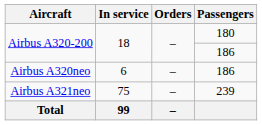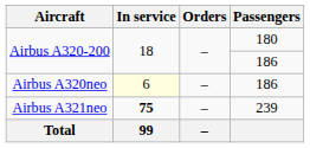 <table class="wikitable" style="border-collapse:collapse;margin:auto;text-align:center">
 <tr>
 <th>Aircraft</th>
 <th>In service</th>
 <th>Orders</th>
 <th>Passengers</th>
 </tr>
 <tr>
 <td rowspan="2"><a href='#'>Airbus A320-200</a></td>
 <td rowspan="2">18</td>
 <td rowspan="2">–</td>
 <td>180</td>
 </tr>
 <tr>
 <td>186</td>
 </tr>
 <tr>
 <td><a href='#'>Airbus A320neo</a></td>
-<td>6</td>
+<td style="background: lightyellow;">6</td>
 <td>–</td>
 <td>186</td>
 </tr>
 <tr>
 <td><a href='#'>Airbus A321neo</a></td>
-<td>75</td>
+<td><strong>75</strong></td>
 <td>–</td>
 <td>239</td>
 </tr>
 <tr>
 <th>Total</th>
 <th>99</th>
 <th>–</th>
 <th></th>
 </tr>
 </table>
